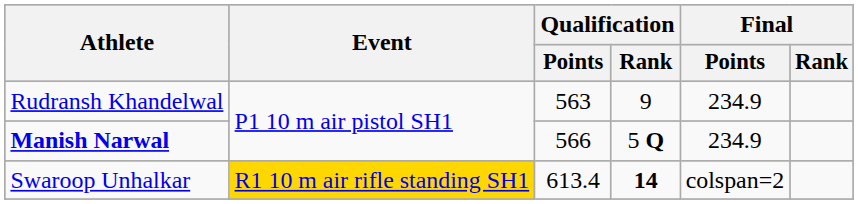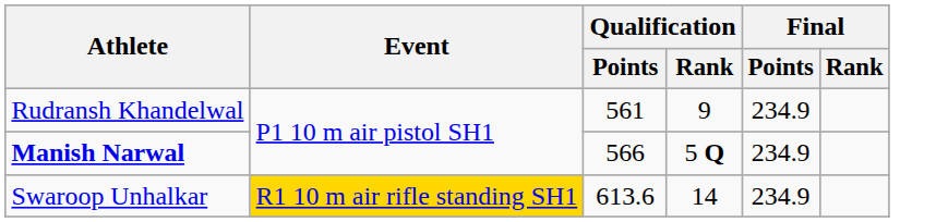 <table class="wikitable" style="font-size:90%">
 <tr>
 <th rowspan="2">Athlete</th>
 <th rowspan="2">Event</th>
 <th colspan="2">Qualification</th>
 <th colspan="2">Final</th>
 </tr>
 <tr style="font-size:95%">
 <th>Points</th>
 <th>Rank</th>
 <th>Points</th>
 <th>Rank</th>
 </tr>
 <tr align=center>
 <td align=left><a href='#'>Rudransh Khandelwal</a></td>
 <td align=left rowspan=2><a href='#'>P1 10 m air pistol SH1</a></td>
-<td>563</td>
+<td>561</td>
 <td>9</td>
 <td>234.9</td>
 </tr>
 <tr align=center>
 <td align=left><strong><a href='#'>Manish Narwal</a></strong></td>
 <td>566</td>
 <td>5 <strong>Q</strong></td>
 <td>234.9</td>
 <td></td>
 </tr>
 <tr align=center>
 <td align=left><a href='#'>Swaroop Unhalkar</a></td>
 <td align="left" style="background: gold;"><a href='#'>R1 10 m air rifle standing SH1</a></td>
-<td>613.4</td>
-<td><strong>14</strong></td>
-<td>colspan=2 </td>
+<td>613.6</td>
+<td>14</td>
+<td>234.9</td>
 </tr>
 </table>
